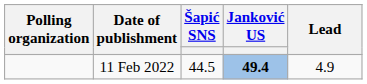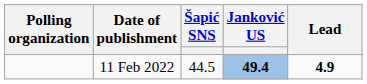 <table class="wikitable" style="text-align:center; font-size:85%; line-height:16px; margin-bottom:0">
 <tr>
 <th rowspan="2" style="width:60px">Polling organization</th>
 <th rowspan="2" style="width:60px">Date of publishment</th>
 <th><a href='#'>Šapić</a><br><a href='#'>SNS</a></th>
 <th><a href='#'>Janković</a><br><a href='#'>US</a></th>
 <th rowspan="2" style="width:60px">Lead</th>
 </tr>
 <tr>
 <th style="background:"></th>
 <th style="background:"></th>
 </tr>
 <tr>
 <td></td>
 <td>11 Feb 2022</td>
 <td>44.5</td>
 <td style="background:#9dc2e8"><strong>49.4</strong></td>
-<td style="background:">4.9</td>
+<td style="background:"><strong>4.9</strong></td>
 </tr>
 </table>
